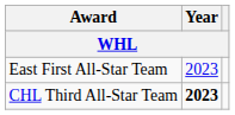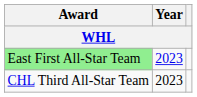 <table class="wikitable">
 <tr>
 <th>Award</th>
 <th>Year</th>
 <th></th>
 </tr>
 <tr ALIGN="center" bgcolor="#e0e0e0">
 <th colspan="3"><a href='#'>WHL</a></th>
 </tr>
 <tr>
-<td>East First All-Star Team</td>
+<td style="background: lightgreen;">East First All-Star Team</td>
 <td><a href='#'>2023</a></td>
 <td></td>
 </tr>
 <tr>
 <td><a href='#'>CHL</a> Third All-Star Team</td>
-<td><strong>2023</strong></td>
+<td>2023</td>
 <td></td>
 </tr>
 </table>
